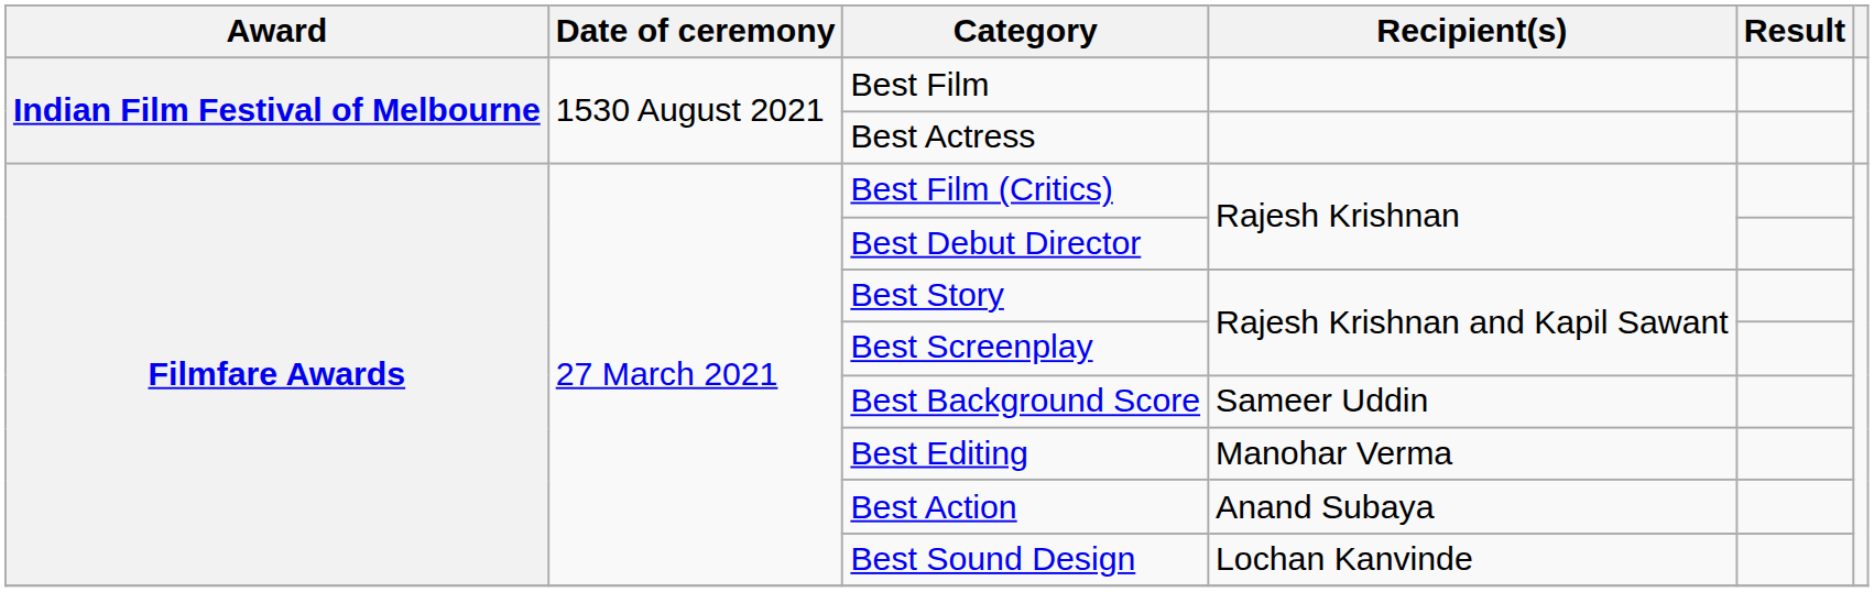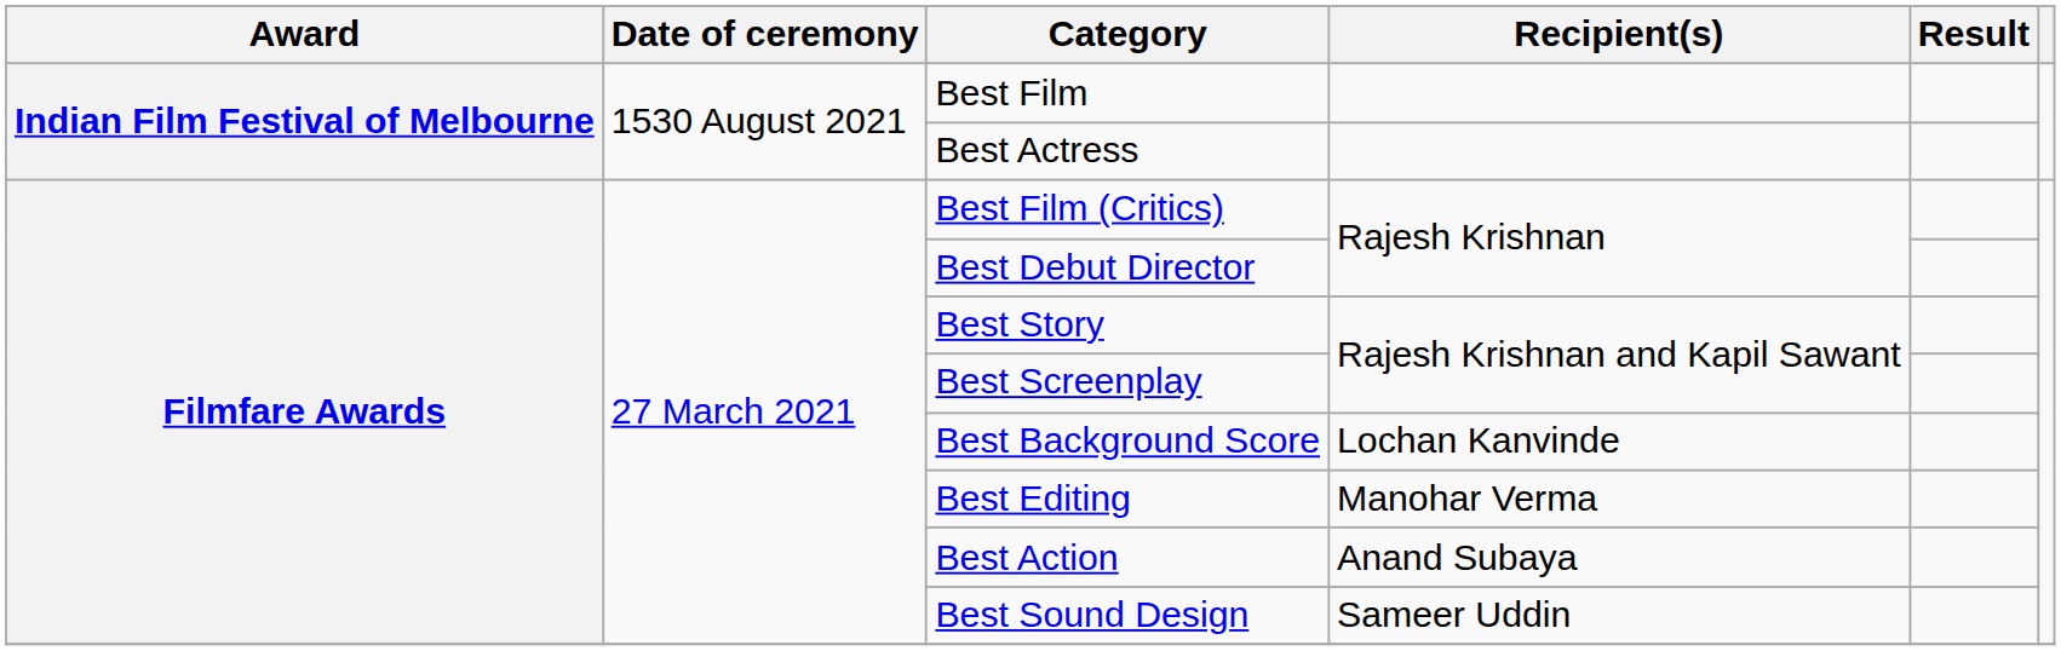 <table class="wikitable plainrowheaders sortable">
 <tr>
 <th scope="col">Award</th>
 <th scope="col">Date of ceremony</th>
 <th scope="col">Category</th>
 <th scope="col">Recipient(s)</th>
 <th scope="col">Result</th>
 <th scope="col" class="unsortable"></th>
 </tr>
 <tr>
 <th scope="row" rowspan="2"><a href='#'>Indian Film Festival of Melbourne</a></th>
 <td rowspan="2">1530 August 2021</td>
 <td>Best Film</td>
 <td></td>
 <td></td>
 <td style="text-align:center;" rowspan="2"></td>
 </tr>
 <tr>
 <td>Best Actress</td>
 <td></td>
 <td></td>
 </tr>
 <tr>
 <th scope="row" rowspan="8"><a href='#'>Filmfare Awards</a></th>
 <td rowspan="8"><a href='#'>27 March 2021</a></td>
 <td><a href='#'>Best Film (Critics)</a></td>
 <td rowspan="2">Rajesh Krishnan</td>
 <td></td>
 <td style="text-align:center;" rowspan="8"><br></td>
 </tr>
 <tr>
 <td><a href='#'>Best Debut Director</a></td>
 <td></td>
 </tr>
 <tr>
 <td><a href='#'>Best Story</a></td>
 <td rowspan=2>Rajesh Krishnan and Kapil Sawant</td>
 <td></td>
 </tr>
 <tr>
 <td><a href='#'>Best Screenplay</a></td>
 <td></td>
 </tr>
 <tr>
 <td><a href='#'>Best Background Score</a></td>
-<td>Sameer Uddin</td>
+<td>Lochan Kanvinde</td>
 <td></td>
 </tr>
 <tr>
 <td><a href='#'>Best Editing</a></td>
 <td>Manohar Verma</td>
 <td></td>
 </tr>
 <tr>
 <td><a href='#'>Best Action</a></td>
 <td>Anand Subaya</td>
 <td></td>
 </tr>
 <tr>
 <td><a href='#'>Best Sound Design</a></td>
-<td>Lochan Kanvinde</td>
+<td>Sameer Uddin</td>
 <td></td>
 </tr>
 <tr>
 </tr>
 </table>
